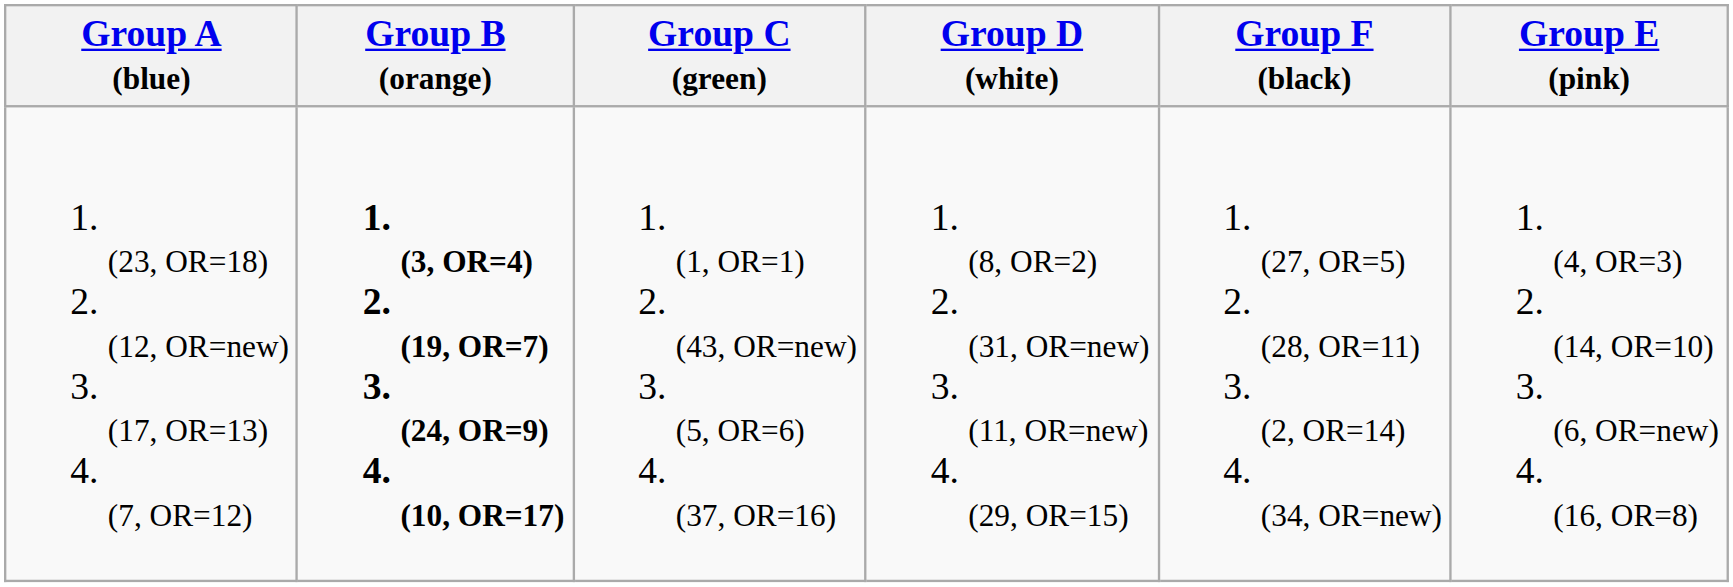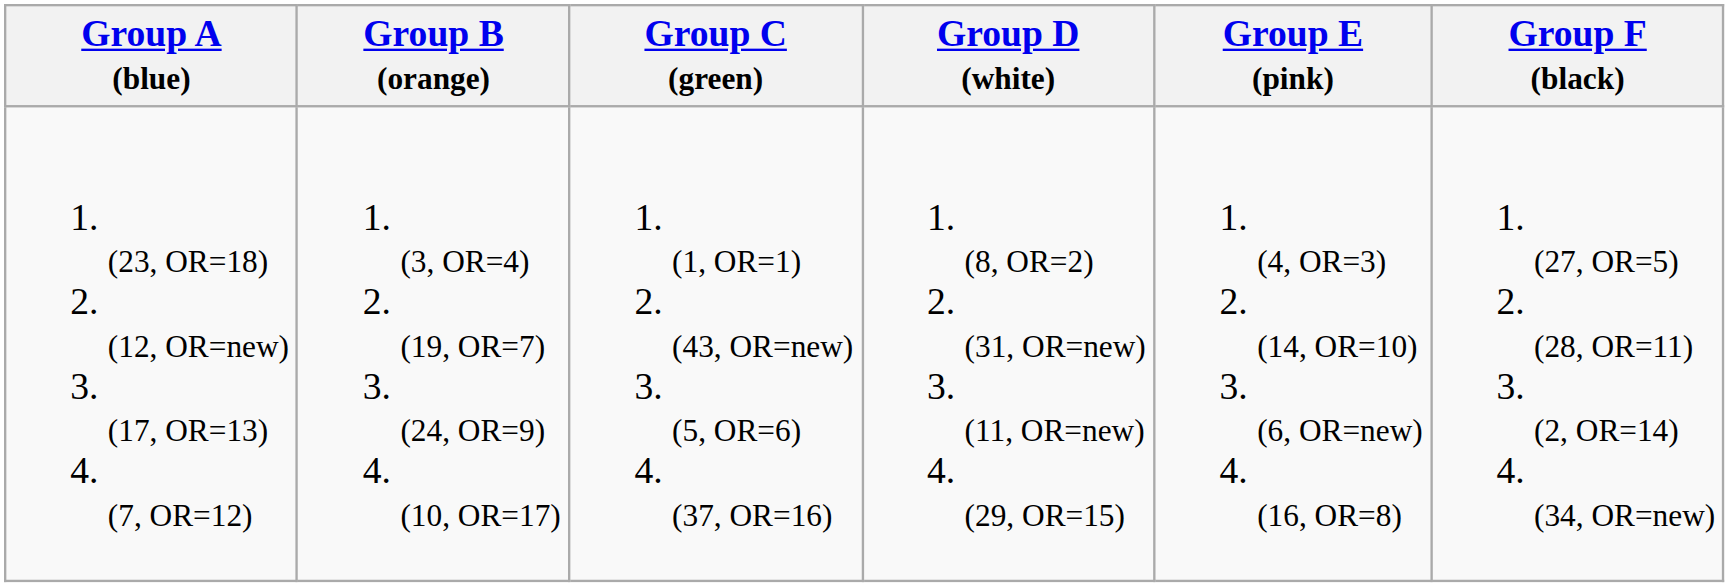 <table class="wikitable">
 <tr>
 <th><a href='#'>Group A</a><br><small>(blue)</small></th>
 <th><a href='#'>Group B</a><br><small>(orange)</small></th>
 <th><a href='#'>Group C</a><br><small>(green)</small></th>
 <th><a href='#'>Group D</a><br><small>(white)</small></th>
+<th><a href='#'>Group E</a><br><small>(pink)</small></th>
 <th><a href='#'>Group F</a><br><small>(black)</small></th>
-<th><a href='#'>Group E</a><br><small>(pink)</small></th>
 </tr>
 <tr>
 <td valign="top"><br><ol><li><br><small> (23, OR=18)</small></li><li><br><small> (12, OR=new)</small></li><li><br><small> (17, OR=13)</small></li><li><br><small> (7, OR=12)</small></li></ol></td>
-<td valign="top"><strong><br><ol><li><br><small> (3, OR=4)</small></li><li><br><small> (19, OR=7)</small></li><li><br><small> (24, OR=9)</small></li><li><br><small> (10, OR=17)</small></li></ol></strong></td>
+<td valign="top"><br><ol><li><br><small> (3, OR=4)</small></li><li><br><small> (19, OR=7)</small></li><li><br><small> (24, OR=9)</small></li><li><br><small> (10, OR=17)</small></li></ol></td>
 <td valign="top"><br><ol><li><br><small> (1, OR=1)</small></li><li><br><small> (43, OR=new)</small></li><li><br><small> (5, OR=6)</small></li><li><br><small> (37, OR=16)</small></li></ol></td>
 <td valign="top"><br><ol><li><br><small> (8, OR=2)</small></li><li><br><small> (31, OR=new)</small></li><li><br><small> (11, OR=new)</small></li><li><br><small> (29, OR=15)</small></li></ol></td>
+<td valign="top"><br><ol><li><br><small> (4, OR=3)</small></li><li><br><small> (14, OR=10)</small></li><li><br><small> (6, OR=new)</small></li><li><br><small> (16, OR=8)</small></li></ol></td>
 <td valign="top"><br><ol><li><br><small> (27, OR=5)</small></li><li><br><small> (28, OR=11)</small></li><li><br><small> (2, OR=14)</small></li><li><br><small> (34, OR=new)</small></li></ol></td>
-<td valign="top"><br><ol><li><br><small> (4, OR=3)</small></li><li><br><small> (14, OR=10)</small></li><li><br><small> (6, OR=new)</small></li><li><br><small> (16, OR=8)</small></li></ol></td>
 </tr>
 </table>
